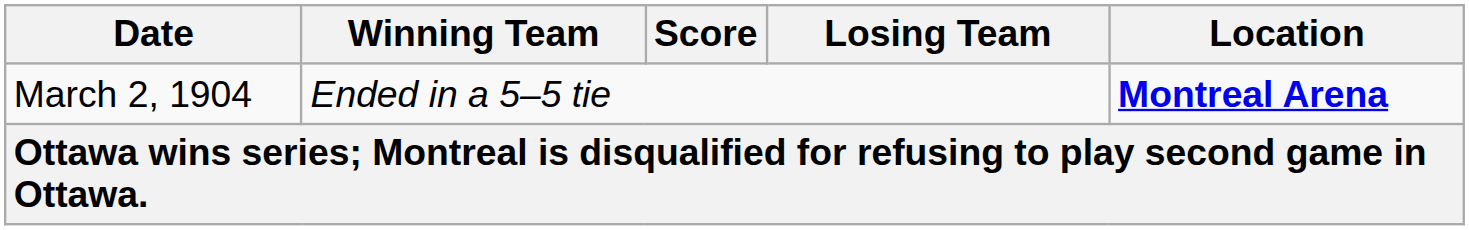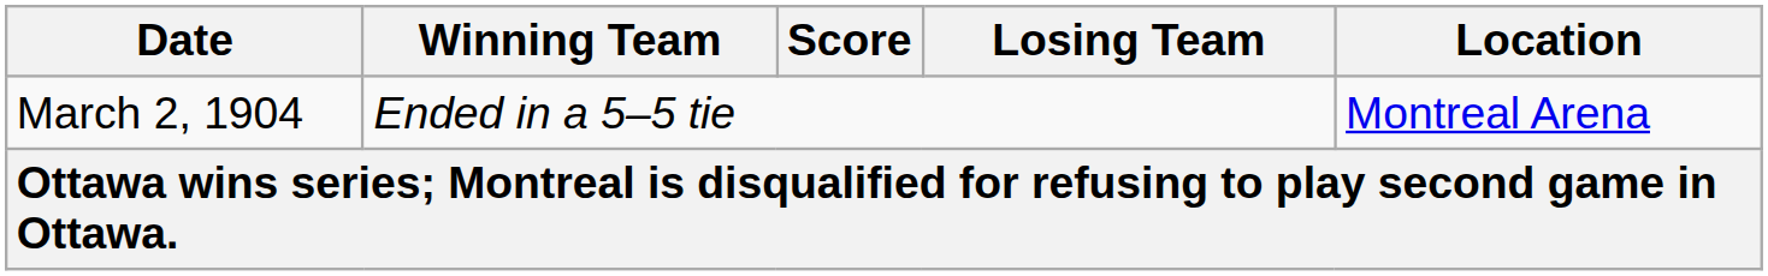 <table class="wikitable">
 <tr>
 <th width="120">Date</th>
 <th width="140">Winning Team</th>
 <th width="5">Score</th>
 <th width="140">Losing Team</th>
 <th width="145">Location</th>
 </tr>
 <tr>
 <td>March 2, 1904</td>
 <td colspan="3"><em>Ended in a 5–5 tie</em></td>
-<td><strong><a href='#'>Montreal Arena</a></strong></td>
+<td><a href='#'>Montreal Arena</a></td>
 </tr>
 <tr>
 <th colspan="5" style="text-align:left;">Ottawa wins series; Montreal is disqualified for refusing to play second game in Ottawa.</th>
 </tr>
 </table>
